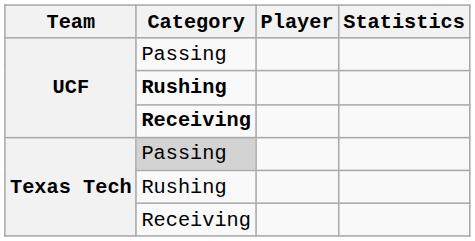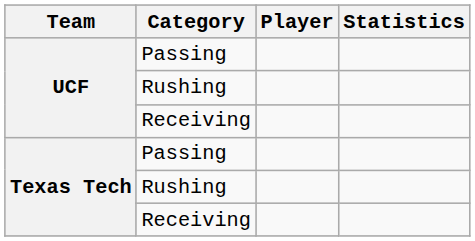 <table class="wikitable" style="float:right">
 <tr>
 <th>Team</th>
 <th>Category</th>
 <th>Player</th>
 <th>Statistics</th>
 </tr>
 <tr>
 <th rowspan=3>UCF</th>
 <td>Passing</td>
 <td></td>
 <td></td>
 </tr>
 <tr>
-<td><strong>Rushing</strong></td>
+<td>Rushing</td>
 <td></td>
 <td></td>
 </tr>
 <tr>
-<td><strong>Receiving</strong></td>
+<td>Receiving</td>
 <td></td>
 <td></td>
 </tr>
 <tr>
 <th rowspan=3>Texas Tech</th>
-<td style="background: lightgrey;">Passing</td>
+<td>Passing</td>
 <td></td>
 <td></td>
 </tr>
 <tr>
 <td>Rushing</td>
 <td></td>
 <td></td>
 </tr>
 <tr>
 <td>Receiving</td>
 <td></td>
 <td></td>
 </tr>
 </table>
